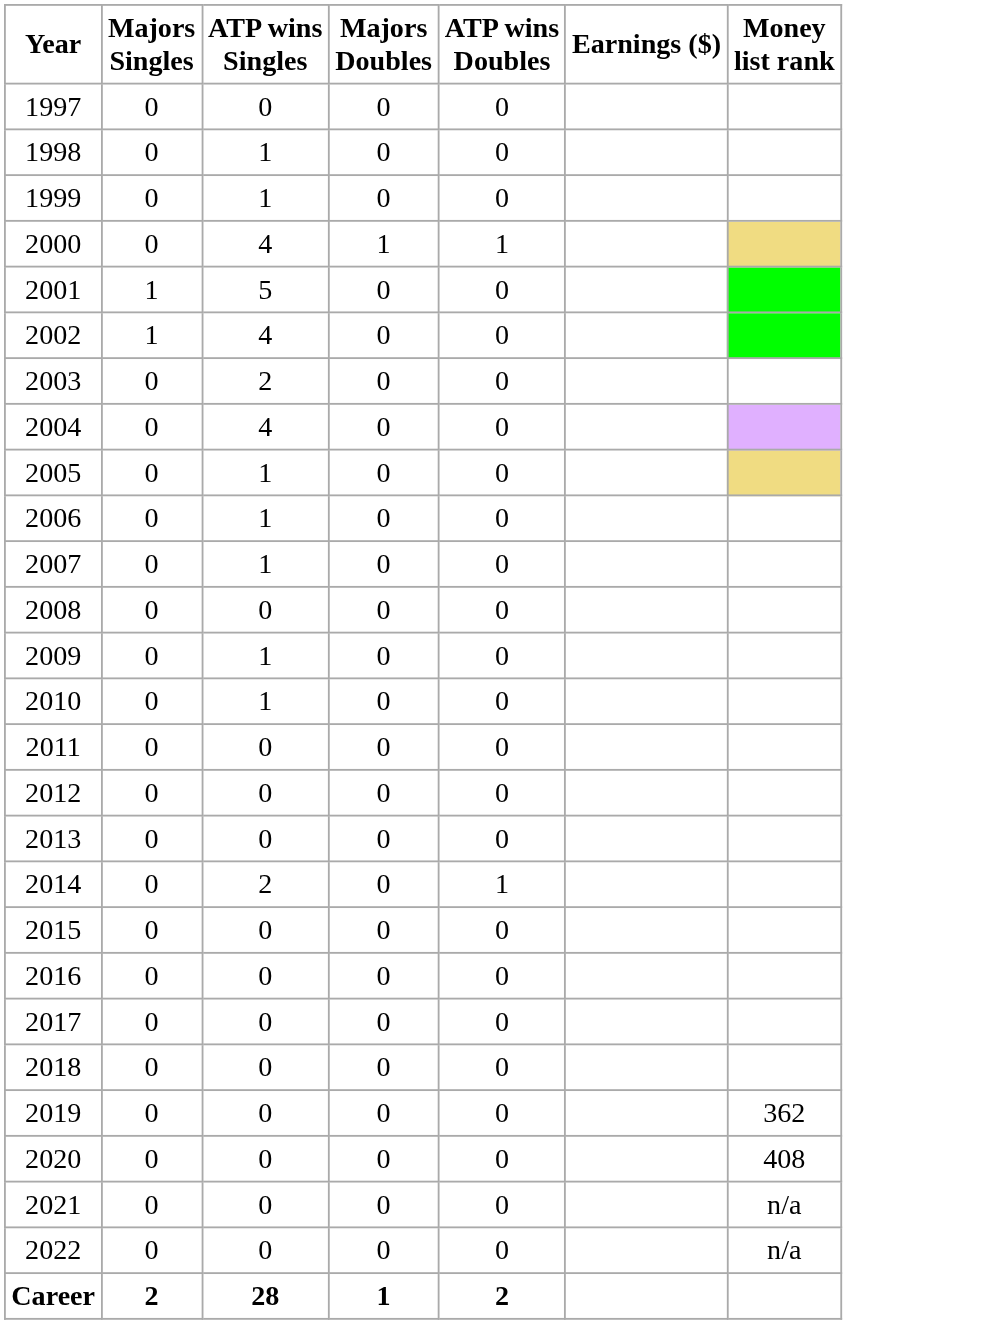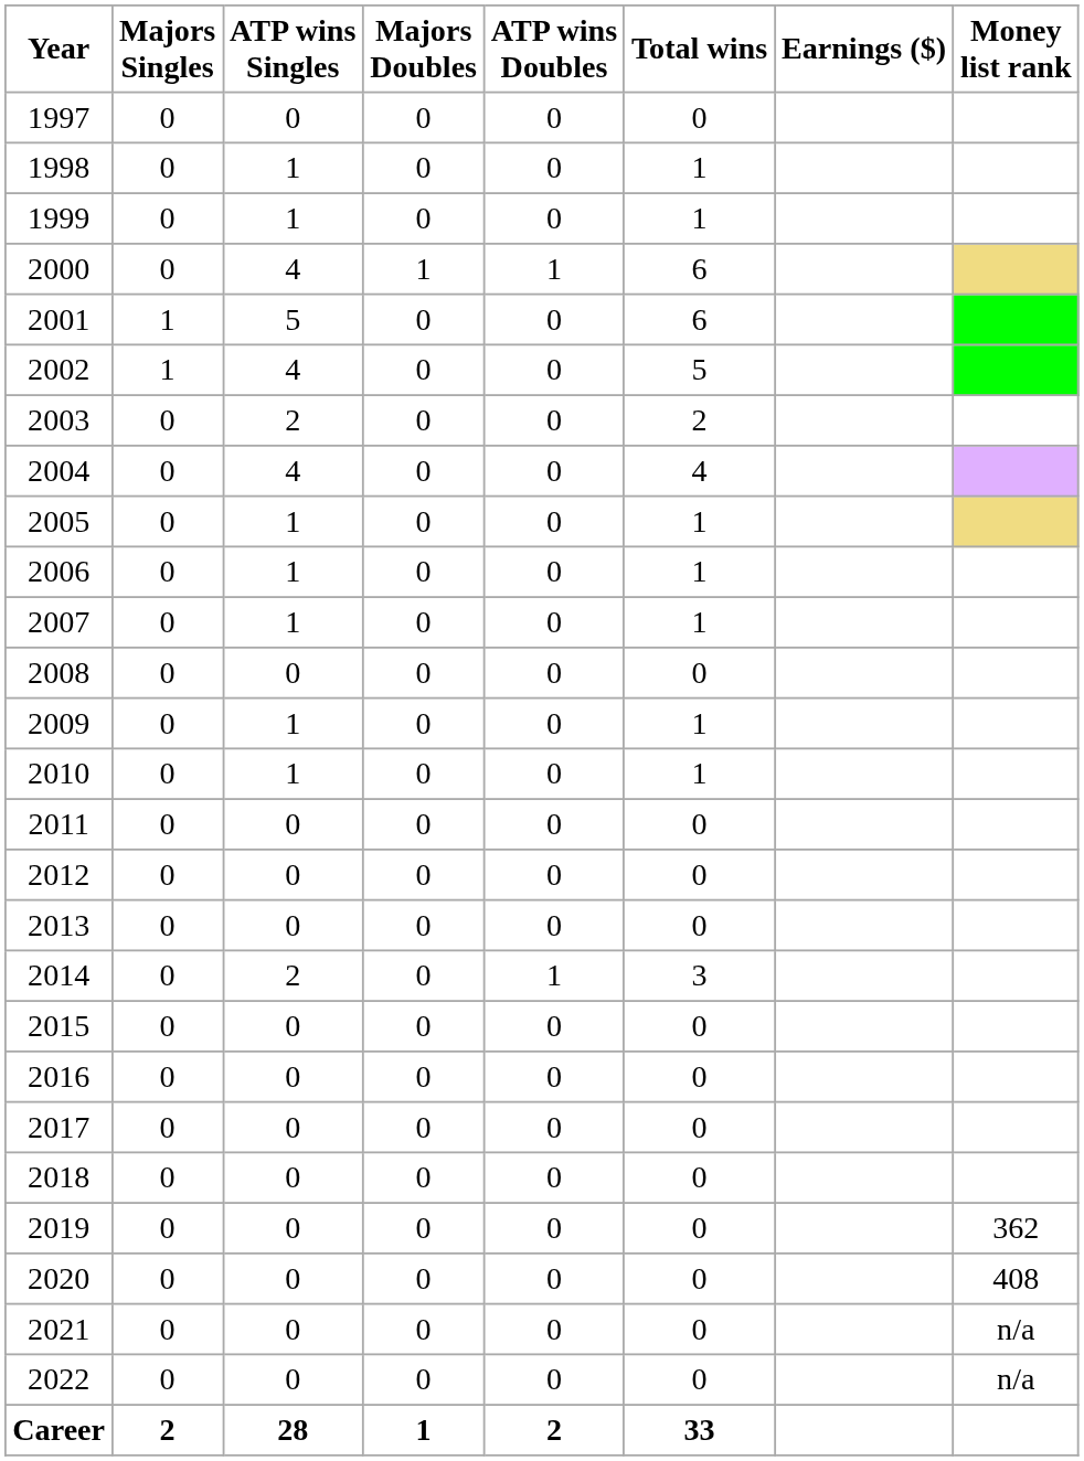 <table cellpadding=3 cellspacing=0 border=1 style=font-align:centre;font-size:96%;border:#aaa;solid:1;border-collapse:collapse;text-align:center>
 <tr>
 <th>Year</th>
 <th>Majors<br>Singles</th>
 <th>ATP wins<br>Singles</th>
 <th>Majors<br>Doubles</th>
 <th>ATP wins<br>Doubles</th>
+<th>Total wins</th>
 <th>Earnings ($)</th>
 <th>Money<br>list rank</th>
 </tr>
 <tr>
 <td>1997</td>
+<td>0</td>
 <td>0</td>
 <td>0</td>
 <td>0</td>
 <td>0</td>
 <td align="right"></td>
 <td></td>
 </tr>
 <tr>
 <td>1998</td>
 <td>0</td>
 <td>1</td>
 <td>0</td>
 <td>0</td>
+<td>1</td>
 <td align="right"></td>
 <td></td>
 </tr>
 <tr>
 <td>1999</td>
 <td>0</td>
 <td>1</td>
 <td>0</td>
 <td>0</td>
+<td>1</td>
 <td align="right"></td>
 <td></td>
 </tr>
 <tr>
 <td>2000</td>
 <td>0</td>
 <td>4</td>
 <td>1</td>
 <td>1</td>
+<td>6</td>
 <td align="right"></td>
 <td bgcolor="F0DC82"></td>
 </tr>
 <tr>
 <td>2001</td>
 <td>1</td>
 <td>5</td>
 <td>0</td>
 <td>0</td>
+<td>6</td>
 <td align="right"></td>
 <td bgcolor="lime"></td>
 </tr>
 <tr>
 <td>2002</td>
 <td>1</td>
 <td>4</td>
 <td>0</td>
 <td>0</td>
+<td>5</td>
 <td align="right"></td>
 <td bgcolor="lime"></td>
 </tr>
 <tr>
 <td>2003</td>
 <td>0</td>
 <td>2</td>
 <td>0</td>
 <td>0</td>
+<td>2</td>
 <td align="right"></td>
 <td></td>
 </tr>
 <tr>
 <td>2004</td>
 <td>0</td>
 <td>4</td>
 <td>0</td>
 <td>0</td>
+<td>4</td>
 <td align="right"></td>
 <td bgcolor="E0B0FF"></td>
 </tr>
 <tr>
 <td>2005</td>
 <td>0</td>
 <td>1</td>
 <td>0</td>
 <td>0</td>
+<td>1</td>
 <td align="right"></td>
 <td bgcolor="F0DC82"></td>
 </tr>
 <tr>
 <td>2006</td>
 <td>0</td>
 <td>1</td>
 <td>0</td>
 <td>0</td>
+<td>1</td>
 <td align="right"></td>
 <td></td>
 </tr>
 <tr>
 <td>2007</td>
 <td>0</td>
 <td>1</td>
 <td>0</td>
 <td>0</td>
+<td>1</td>
 <td align="right"></td>
 <td></td>
 </tr>
 <tr>
 <td>2008</td>
+<td>0</td>
 <td>0</td>
 <td>0</td>
 <td>0</td>
 <td>0</td>
 <td align="right"></td>
 <td></td>
 </tr>
 <tr>
 <td>2009</td>
 <td>0</td>
 <td>1</td>
 <td>0</td>
 <td>0</td>
+<td>1</td>
 <td align="right"></td>
 <td></td>
 </tr>
 <tr>
 <td>2010</td>
 <td>0</td>
 <td>1</td>
 <td>0</td>
 <td>0</td>
+<td>1</td>
 <td align="right"></td>
 <td></td>
 </tr>
 <tr>
 <td>2011</td>
+<td>0</td>
 <td>0</td>
 <td>0</td>
 <td>0</td>
 <td>0</td>
 <td align="right"></td>
 <td></td>
 </tr>
 <tr>
 <td>2012</td>
 <td>0</td>
 <td>0</td>
 <td>0</td>
 <td>0</td>
+<td>0</td>
 <td align="right"></td>
 <td></td>
 </tr>
 <tr>
 <td>2013</td>
+<td>0</td>
 <td>0</td>
 <td>0</td>
 <td>0</td>
 <td>0</td>
 <td align="right"></td>
 <td></td>
 </tr>
 <tr>
 <td>2014</td>
 <td>0</td>
 <td>2</td>
 <td>0</td>
 <td>1</td>
+<td>3</td>
 <td align="right"></td>
 <td></td>
 </tr>
 <tr>
 <td>2015</td>
+<td>0</td>
 <td>0</td>
 <td>0</td>
 <td>0</td>
 <td>0</td>
 <td align="right"></td>
 <td></td>
 </tr>
 <tr>
 <td>2016</td>
 <td>0</td>
 <td>0</td>
 <td>0</td>
 <td>0</td>
+<td>0</td>
 <td align="right"></td>
 <td></td>
 </tr>
 <tr>
 <td>2017</td>
+<td>0</td>
 <td>0</td>
 <td>0</td>
 <td>0</td>
 <td>0</td>
 <td align="right"></td>
 <td></td>
 </tr>
 <tr>
 <td>2018</td>
 <td>0</td>
 <td>0</td>
 <td>0</td>
 <td>0</td>
+<td>0</td>
 <td align="right"></td>
 <td></td>
 </tr>
 <tr>
 <td>2019</td>
+<td>0</td>
 <td>0</td>
 <td>0</td>
 <td>0</td>
 <td>0</td>
 <td align="right"></td>
 <td>362</td>
 </tr>
 <tr>
 <td>2020</td>
 <td>0</td>
 <td>0</td>
 <td>0</td>
 <td>0</td>
+<td>0</td>
 <td align="right"></td>
 <td>408</td>
 </tr>
 <tr>
 <td>2021</td>
+<td>0</td>
 <td>0</td>
 <td>0</td>
 <td>0</td>
 <td>0</td>
 <td align="right"></td>
 <td>n/a</td>
 </tr>
 <tr>
 <td>2022</td>
 <td>0</td>
 <td>0</td>
 <td>0</td>
 <td>0</td>
+<td>0</td>
 <td align="right"></td>
 <td>n/a</td>
 </tr>
 <tr>
 <th>Career</th>
 <th>2</th>
 <th>28</th>
 <th>1</th>
 <th>2</th>
+<th>33</th>
 <th align="right"></th>
 <th></th>
 </tr>
 </table>
